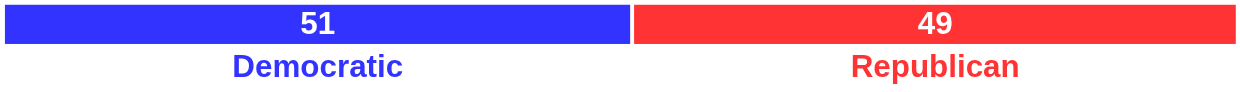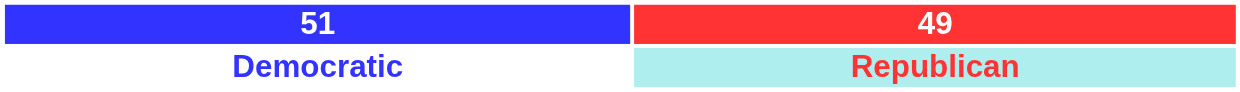 <table style="width:50%">
 <tr>
 <td scope="row" colspan="3" style="text-align:center"></td>
 </tr>
 <tr>
 <td scope="row" style="background:#33F; width:51.0%; text-align:center; color:white"><strong>51</strong><br></td>
 <td style="background:#F33; width:49.0%; text-align:center; color:white"><strong>49</strong></td>
 </tr>
 <tr>
 <td scope="row" style="text-align:center; color:#33F"><strong>Democratic</strong></td>
-<td style="text-align:center; color:#F33"><strong>Republican</strong></td>
+<td style="background: paleturquoise; text-align:center; color:#F33"><strong>Republican</strong></td>
 </tr>
 </table>
